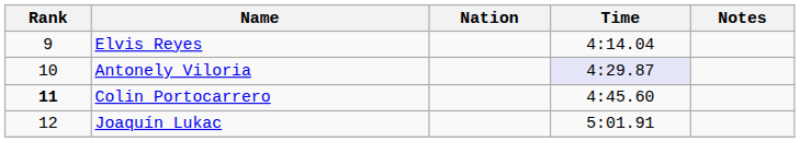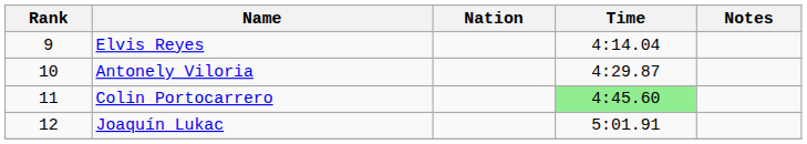 <table class="wikitable sortable" style="text-align:center" width=50%>
 <tr>
 <th>Rank</th>
 <th>Name</th>
 <th>Nation</th>
 <th>Time</th>
 <th>Notes</th>
 </tr>
 <tr>
 <td>9</td>
 <td align=left><a href='#'>Elvis Reyes</a></td>
 <td align=left></td>
 <td>4:14.04</td>
 <td></td>
 </tr>
 <tr>
 <td>10</td>
 <td align=left><a href='#'>Antonely Viloria</a></td>
 <td align=left></td>
-<td style="background: lavender;">4:29.87</td>
+<td>4:29.87</td>
 <td></td>
 </tr>
 <tr>
-<td><strong>11</strong></td>
+<td>11</td>
 <td align=left><a href='#'>Colin Portocarrero</a></td>
 <td align=left></td>
-<td>4:45.60</td>
+<td style="background: lightgreen;">4:45.60</td>
 <td></td>
 </tr>
 <tr>
 <td>12</td>
 <td align=left><a href='#'>Joaquín Lukac</a></td>
 <td align=left></td>
 <td>5:01.91</td>
 <td></td>
 </tr>
 <tr>
 </tr>
 </table>
